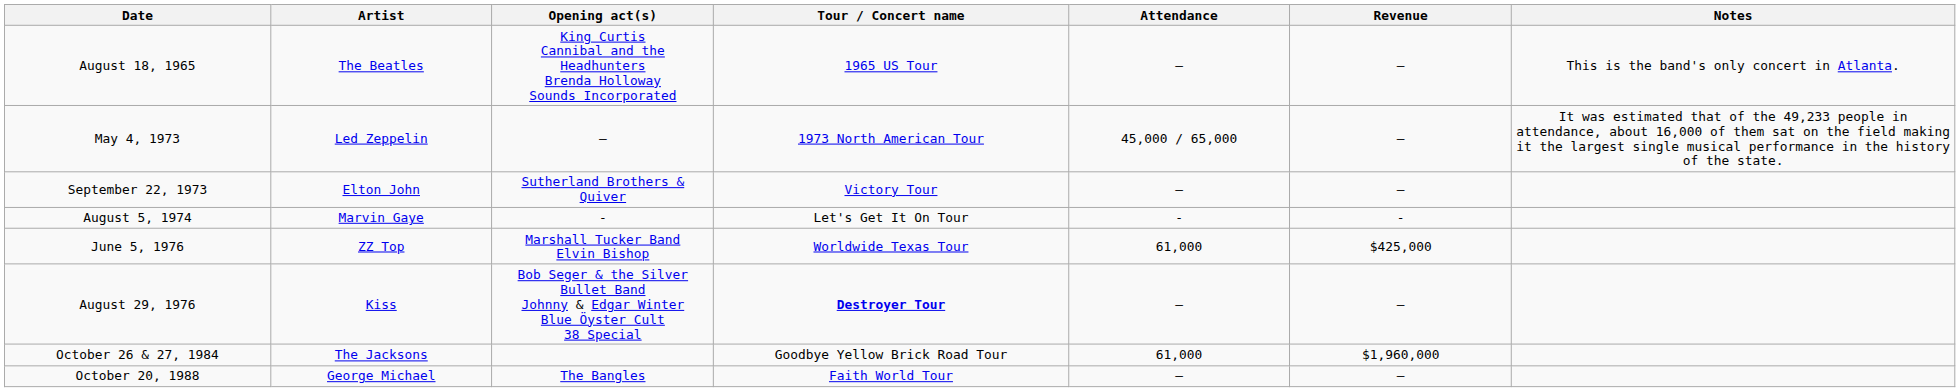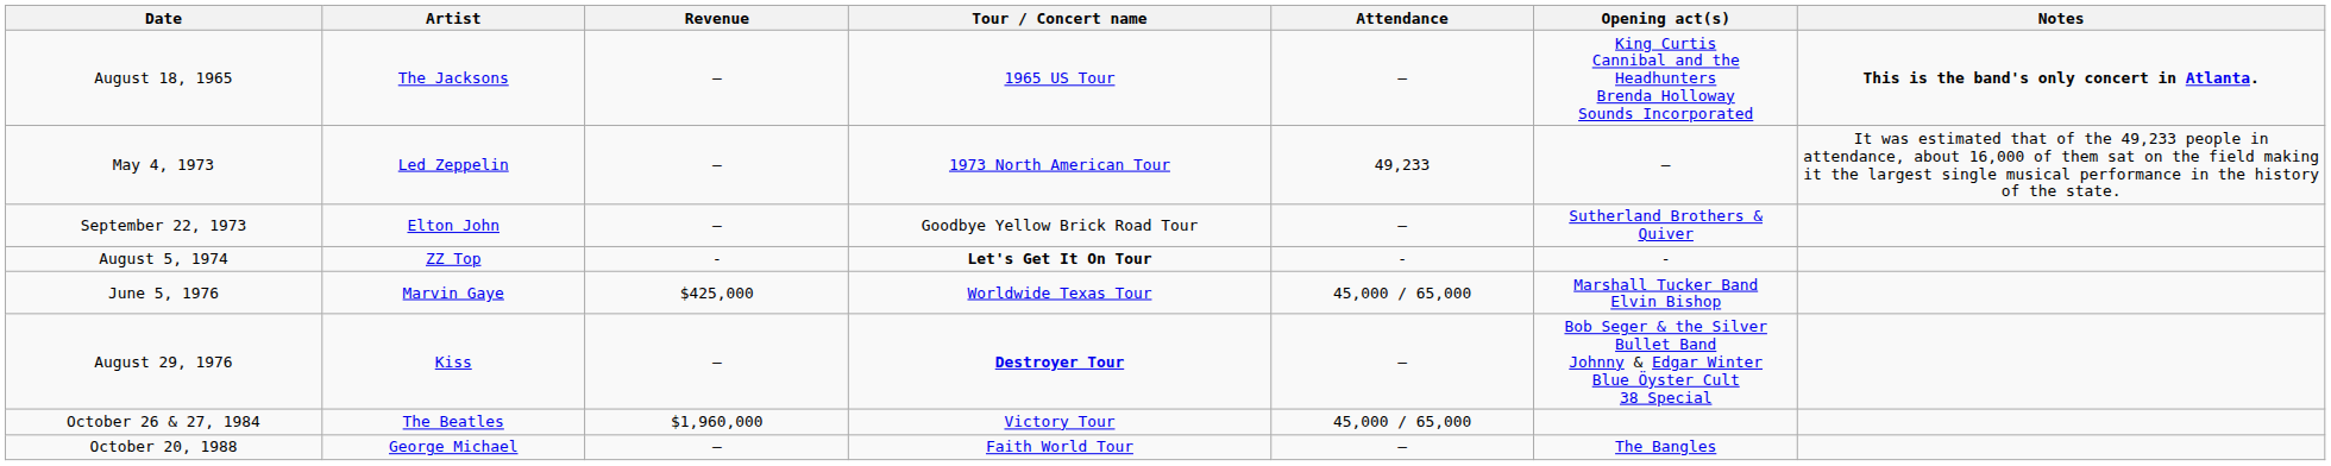 <table class="wikitable" style="text-align:center;">
 <tr>
 <th width=12% style="text-align:center;">Date</th>
 <th width=10% style="text-align:center;">Artist</th>
-<th width=10% style="text-align:center;">Opening act(s)</th>
+<th width=10% style="text-align:center;">Revenue</th>
 <th width=16% style="text-align:center;">Tour / Concert name</th>
 <th width=10% style="text-align:center;">Attendance</th>
-<th width=10% style="text-align:center;">Revenue</th>
+<th width=10% style="text-align:center;">Opening act(s)</th>
 <th width=20% style="text-align:center;">Notes</th>
 </tr>
 <tr>
 <td>August 18, 1965</td>
-<td><a href='#'>The Beatles</a></td>
-<td><a href='#'>King Curtis</a><br><a href='#'>Cannibal and the Headhunters</a><br><a href='#'>Brenda Holloway</a><br><a href='#'>Sounds Incorporated</a></td>
+<td><a href='#'>The Jacksons</a></td>
+<td>—</td>
 <td><a href='#'>1965 US Tour</a></td>
 <td>—</td>
-<td>—</td>
-<td>This is the band's only concert in <a href='#'>Atlanta</a>.</td>
+<td><a href='#'>King Curtis</a><br><a href='#'>Cannibal and the Headhunters</a><br><a href='#'>Brenda Holloway</a><br><a href='#'>Sounds Incorporated</a></td>
+<td><strong>This is the band's only concert in <a href='#'>Atlanta</a>.</strong></td>
 </tr>
 <tr>
 <td>May 4, 1973</td>
 <td><a href='#'>Led Zeppelin</a></td>
 <td>—</td>
 <td><a href='#'>1973 North American Tour</a></td>
-<td>45,000 / 65,000</td>
+<td>49,233</td>
 <td>—</td>
 <td>It was estimated that of the 49,233 people in attendance, about 16,000 of them sat on the field making it the largest single musical performance in the history of the state.</td>
 </tr>
 <tr>
 <td>September 22, 1973</td>
 <td><a href='#'>Elton John</a></td>
+<td>—</td>
+<td>Goodbye Yellow Brick Road Tour</td>
+<td>—</td>
 <td><a href='#'>Sutherland Brothers & Quiver</a></td>
-<td><a href='#'>Victory Tour</a></td>
-<td>—</td>
-<td>—</td>
 <td></td>
 </tr>
 <tr>
 <td>August 5, 1974</td>
-<td><a href='#'>Marvin Gaye</a></td>
+<td><a href='#'>ZZ Top</a></td>
 <td>-</td>
-<td>Let's Get It On Tour</td>
+<td><strong>Let's Get It On Tour</strong></td>
 <td>-</td>
 <td>-</td>
 <td></td>
 </tr>
 <tr>
 <td>June 5, 1976</td>
-<td><a href='#'>ZZ Top</a></td>
+<td><a href='#'>Marvin Gaye</a></td>
+<td>$425,000</td>
+<td><a href='#'>Worldwide Texas Tour</a></td>
+<td>45,000 / 65,000</td>
 <td><a href='#'>Marshall Tucker Band</a><br><a href='#'>Elvin Bishop</a></td>
-<td><a href='#'>Worldwide Texas Tour</a></td>
-<td>61,000</td>
-<td>$425,000</td>
 <td></td>
 </tr>
 <tr>
 <td>August 29, 1976</td>
 <td><a href='#'>Kiss</a></td>
-<td><a href='#'>Bob Seger & the Silver Bullet Band</a><br><a href='#'>Johnny</a> & <a href='#'>Edgar Winter</a><br><a href='#'>Blue Öyster Cult</a><br><a href='#'>38 Special</a></td>
+<td>—</td>
 <td><strong><a href='#'>Destroyer Tour</a></strong></td>
 <td>—</td>
-<td>—</td>
+<td><a href='#'>Bob Seger & the Silver Bullet Band</a><br><a href='#'>Johnny</a> & <a href='#'>Edgar Winter</a><br><a href='#'>Blue Öyster Cult</a><br><a href='#'>38 Special</a></td>
 <td></td>
 </tr>
 <tr>
 <td>October 26 & 27, 1984</td>
-<td><a href='#'>The Jacksons</a></td>
+<td><a href='#'>The Beatles</a></td>
+<td>$1,960,000</td>
+<td><a href='#'>Victory Tour</a></td>
+<td>45,000 / 65,000</td>
 <td></td>
-<td>Goodbye Yellow Brick Road Tour</td>
-<td>61,000</td>
-<td>$1,960,000</td>
 <td></td>
 </tr>
 <tr>
 <td>October 20, 1988</td>
 <td><a href='#'>George Michael</a></td>
-<td><a href='#'>The Bangles</a></td>
+<td>—</td>
 <td><a href='#'>Faith World Tour</a></td>
 <td>—</td>
-<td>—</td>
+<td><a href='#'>The Bangles</a></td>
 <td></td>
 </tr>
 </table>
